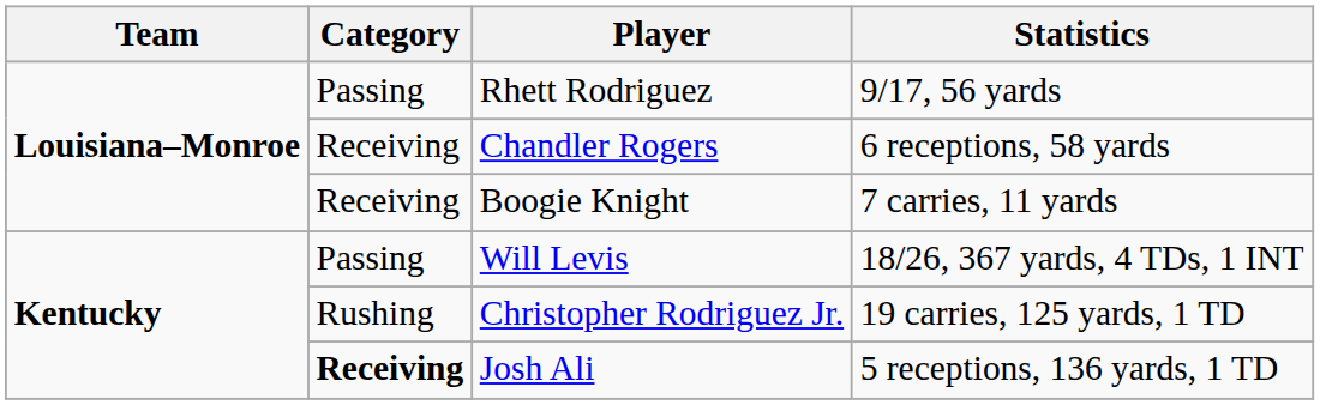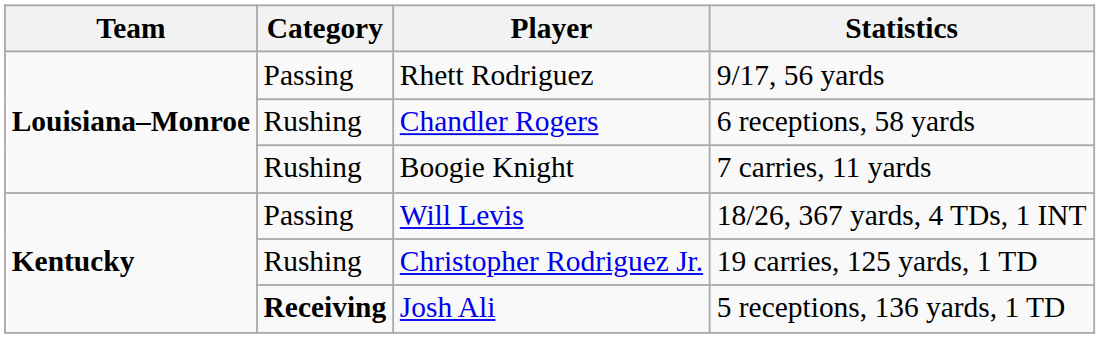 <table class="wikitable" style="float: left;">
 <tr>
 <th>Team</th>
 <th>Category</th>
 <th>Player</th>
 <th>Statistics</th>
 </tr>
 <tr>
 <td rowspan=3><strong>Louisiana–Monroe</strong></td>
 <td>Passing</td>
 <td>Rhett Rodriguez</td>
 <td>9/17, 56 yards</td>
 </tr>
 <tr>
-<td>Receiving</td>
+<td>Rushing</td>
 <td><a href='#'>Chandler Rogers</a></td>
 <td>6 receptions, 58 yards</td>
 </tr>
 <tr>
-<td>Receiving</td>
+<td>Rushing</td>
 <td>Boogie Knight</td>
 <td>7 carries, 11 yards</td>
 </tr>
 <tr>
 <td rowspan=3><strong>Kentucky</strong></td>
 <td>Passing</td>
 <td><a href='#'>Will Levis</a></td>
 <td>18/26, 367 yards, 4 TDs, 1 INT</td>
 </tr>
 <tr>
 <td>Rushing</td>
 <td><a href='#'>Christopher Rodriguez Jr.</a></td>
 <td>19 carries, 125 yards, 1 TD</td>
 </tr>
 <tr>
 <td><strong>Receiving</strong></td>
 <td><a href='#'>Josh Ali</a></td>
 <td>5 receptions, 136 yards, 1 TD</td>
 </tr>
 </table>
